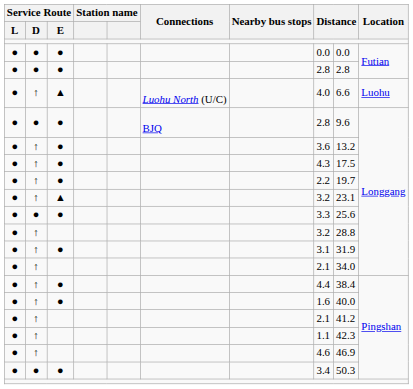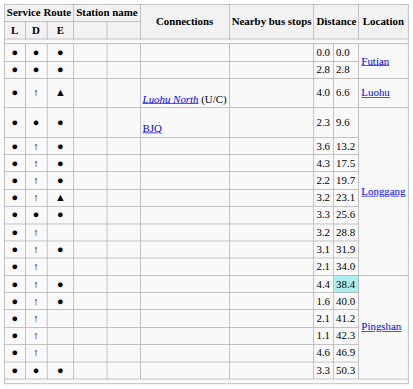 <table class="wikitable">
 <tr>
 <th colspan="3"><strong>Service Route</strong></th>
 <th colspan="2">Station name</th>
 <th rowspan="2">Connections</th>
 <th rowspan="2">Nearby bus stops</th>
 <th colspan="2" rowspan="2">Distance<br></th>
 <th rowspan="2">Location</th>
 </tr>
 <tr>
 <th>L</th>
 <th>D</th>
 <th>E</th>
 <th></th>
 <th></th>
 </tr>
 <tr style="background:#">
 <td colspan = "10"></td>
 </tr>
 <tr>
 <td style="text-align:center;">●</td>
 <td style="text-align:center;">●</td>
 <td style="text-align:center;">●</td>
 <td></td>
 <td></td>
 <td>  </td>
 <td></td>
 <td>0.0</td>
 <td>0.0</td>
 <td rowspan=2><a href='#'>Futian</a></td>
 </tr>
 <tr>
 <td style="text-align:center;">●</td>
 <td style="text-align:center;">●</td>
 <td style="text-align:center;">●</td>
 <td></td>
 <td></td>
 <td></td>
 <td></td>
 <td>2.8</td>
 <td>2.8</td>
 </tr>
 <tr>
 <td style="text-align:center;">●</td>
 <td style="text-align:center;">↑</td>
 <td style="text-align:center;">▲</td>
 <td></td>
 <td></td>
 <td><br><em> <a href='#'>Luohu North</a></em> (U/C)</td>
 <td></td>
 <td>4.0</td>
 <td>6.6</td>
 <td rowspan=1><a href='#'>Luohu</a></td>
 </tr>
 <tr>
 <td style="text-align:center;">●</td>
 <td style="text-align:center;">●</td>
 <td style="text-align:center;">●</td>
 <td></td>
 <td></td>
 <td> <br> <a href='#'>BJQ</a></td>
 <td></td>
-<td>2.8</td>
+<td>2.3</td>
 <td>9.6</td>
 <td rowspan=9><a href='#'>Longgang</a></td>
 </tr>
 <tr>
 <td style="text-align:center;">●</td>
 <td style="text-align:center;">↑</td>
 <td style="text-align:center;">●</td>
 <td></td>
 <td></td>
 <td></td>
 <td></td>
 <td>3.6</td>
 <td>13.2</td>
 </tr>
 <tr>
 <td style="text-align:center;">●</td>
 <td style="text-align:center;">↑</td>
 <td style="text-align:center;">●</td>
 <td></td>
 <td></td>
 <td></td>
 <td></td>
 <td>4.3</td>
 <td>17.5</td>
 </tr>
 <tr>
 <td style="text-align:center;">●</td>
 <td style="text-align:center;">↑</td>
 <td style="text-align:center;">●</td>
 <td></td>
 <td></td>
 <td></td>
 <td></td>
 <td>2.2</td>
 <td>19.7</td>
 </tr>
 <tr>
 <td style="text-align:center;">●</td>
 <td style="text-align:center;">↑</td>
 <td style="text-align:center;">▲</td>
 <td></td>
 <td></td>
 <td></td>
 <td></td>
 <td>3.2</td>
 <td>23.1</td>
 </tr>
 <tr>
 <td style="text-align:center;">●</td>
 <td style="text-align:center;">●</td>
 <td style="text-align:center;">●</td>
 <td></td>
 <td></td>
 <td> </td>
 <td></td>
 <td>3.3</td>
 <td>25.6</td>
 </tr>
 <tr>
 <td style="text-align:center;">●</td>
 <td style="text-align:center;">↑</td>
 <td style="text-align:center;"></td>
 <td></td>
 <td></td>
 <td></td>
 <td></td>
 <td>3.2</td>
 <td>28.8</td>
 </tr>
 <tr>
 <td style="text-align:center;">●</td>
 <td style="text-align:center;">↑</td>
 <td style="text-align:center;">●</td>
 <td></td>
 <td></td>
 <td></td>
 <td></td>
 <td>3.1</td>
 <td>31.9</td>
 </tr>
 <tr>
 <td style="text-align:center;">●</td>
 <td style="text-align:center;">↑</td>
 <td style="text-align:center;"></td>
 <td></td>
 <td></td>
 <td></td>
 <td></td>
 <td>2.1</td>
 <td>34.0</td>
 </tr>
 <tr>
 <td style="text-align:center;">●</td>
 <td style="text-align:center;">↑</td>
 <td style="text-align:center;">●</td>
 <td></td>
 <td></td>
 <td></td>
 <td></td>
 <td>4.4</td>
-<td>38.4</td>
+<td style="background: paleturquoise;">38.4</td>
 <td rowspan=6><a href='#'>Pingshan</a></td>
 </tr>
 <tr>
 <td style="text-align:center;">●</td>
 <td style="text-align:center;">↑</td>
 <td style="text-align:center;">●</td>
 <td></td>
 <td></td>
 <td></td>
 <td></td>
 <td>1.6</td>
 <td>40.0</td>
 </tr>
 <tr>
 <td style="text-align:center;">●</td>
 <td style="text-align:center;">↑</td>
 <td style="text-align:center;"></td>
 <td></td>
 <td></td>
 <td></td>
 <td></td>
 <td>2.1</td>
 <td>41.2</td>
 </tr>
 <tr>
 <td style="text-align:center;">●</td>
 <td style="text-align:center;">↑</td>
 <td style="text-align:center;"></td>
 <td></td>
 <td></td>
 <td> </td>
 <td></td>
 <td>1.1</td>
 <td>42.3</td>
 </tr>
 <tr>
 <td style="text-align:center;">●</td>
 <td style="text-align:center;">↑</td>
 <td style="text-align:center;"></td>
 <td></td>
 <td></td>
 <td></td>
 <td></td>
 <td>4.6</td>
 <td>46.9</td>
 </tr>
 <tr>
 <td style="text-align:center;">●</td>
 <td style="text-align:center;">●</td>
 <td style="text-align:center;">●</td>
 <td></td>
 <td></td>
 <td></td>
 <td></td>
-<td>3.4</td>
+<td>3.3</td>
 <td>50.3<br></td>
 </tr>
 <tr style="background:#">
 <td colspan = "10"></td>
 </tr>
 </table>
